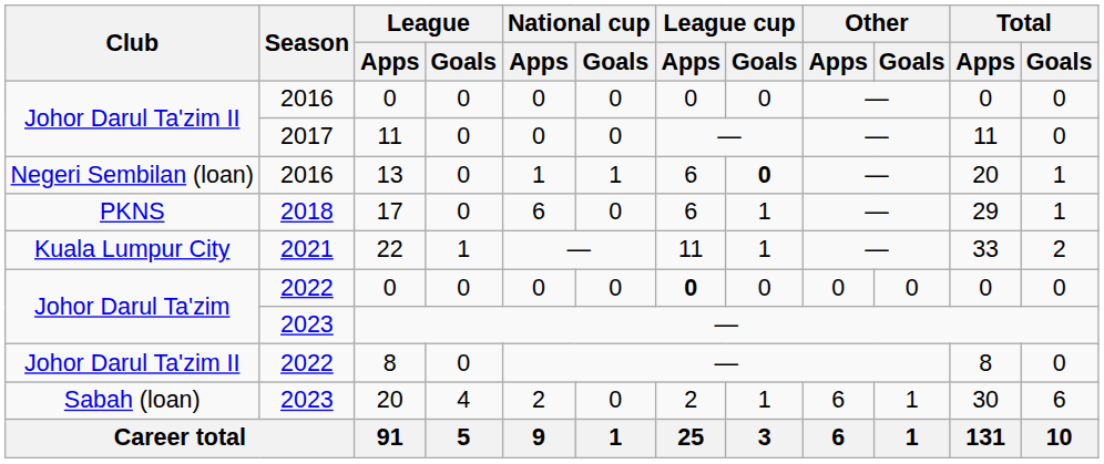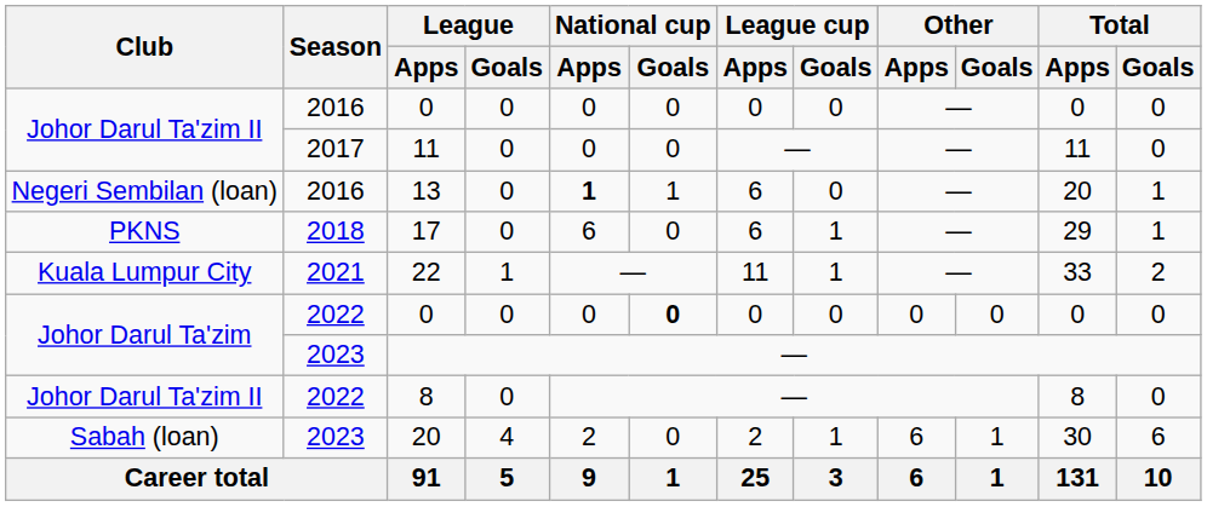 <table class=wikitable style=text-align:center>
 <tr>
 <th rowspan="2">Club</th>
 <th rowspan="2">Season</th>
 <th colspan="2">League</th>
 <th colspan="2">National cup</th>
 <th colspan="2">League cup</th>
 <th colspan="2">Other</th>
 <th colspan="2">Total</th>
 </tr>
 <tr>
 <th>Apps</th>
 <th>Goals</th>
 <th>Apps</th>
 <th>Goals</th>
 <th>Apps</th>
 <th>Goals</th>
 <th>Apps</th>
 <th>Goals</th>
 <th>Apps</th>
 <th>Goals</th>
 </tr>
 <tr>
 <td valign="center" rowspan="2"><a href='#'>Johor Darul Ta'zim II</a></td>
 <td>2016</td>
 <td>0</td>
 <td>0</td>
 <td>0</td>
 <td>0</td>
 <td>0</td>
 <td>0</td>
 <td colspan="2">—</td>
 <td>0</td>
 <td>0</td>
 </tr>
 <tr>
 <td>2017</td>
 <td>11</td>
 <td>0</td>
 <td>0</td>
 <td>0</td>
 <td colspan="2">—</td>
 <td colspan="2">—</td>
 <td>11</td>
 <td>0</td>
 </tr>
 <tr>
 <td valign="center"><a href='#'>Negeri Sembilan</a> (loan)</td>
 <td>2016</td>
 <td>13</td>
 <td>0</td>
-<td>1</td>
+<td><strong>1</strong></td>
 <td>1</td>
 <td>6</td>
-<td><strong>0</strong></td>
+<td>0</td>
 <td colspan="2">—</td>
 <td>20</td>
 <td>1</td>
 </tr>
 <tr>
 <td valign="center"><a href='#'>PKNS</a></td>
 <td><a href='#'>2018</a></td>
 <td>17</td>
 <td>0</td>
 <td>6</td>
 <td>0</td>
 <td>6</td>
 <td>1</td>
 <td colspan="2">—</td>
 <td>29</td>
 <td>1</td>
 </tr>
 <tr>
 <td valign="center"><a href='#'>Kuala Lumpur City</a></td>
 <td><a href='#'>2021</a></td>
 <td>22</td>
 <td>1</td>
 <td colspan="2">—</td>
 <td>11</td>
 <td>1</td>
 <td colspan="2">—</td>
 <td>33</td>
 <td>2</td>
 </tr>
 <tr>
 <td valign="center" rowspan="2"><a href='#'>Johor Darul Ta'zim</a></td>
 <td><a href='#'>2022</a></td>
 <td>0</td>
 <td>0</td>
 <td>0</td>
+<td><strong>0</strong></td>
 <td>0</td>
-<td><strong>0</strong></td>
 <td>0</td>
 <td>0</td>
 <td>0</td>
 <td>0</td>
 <td>0</td>
 </tr>
 <tr>
 <td><a href='#'>2023</a></td>
 <td colspan="10">—</td>
 </tr>
 <tr>
 <td valign="center"><a href='#'>Johor Darul Ta'zim II</a></td>
 <td><a href='#'>2022</a></td>
 <td>8</td>
 <td>0</td>
 <td colspan="6">—</td>
 <td>8</td>
 <td>0</td>
 </tr>
 <tr>
 <td valign="center"><a href='#'>Sabah</a> (loan)</td>
 <td><a href='#'>2023</a></td>
 <td>20</td>
 <td>4</td>
 <td>2</td>
 <td>0</td>
 <td>2</td>
 <td>1</td>
 <td>6</td>
 <td>1</td>
 <td>30</td>
 <td>6</td>
 </tr>
 <tr>
 <th colspan="2">Career total</th>
 <th>91</th>
 <th>5</th>
 <th>9</th>
 <th>1</th>
 <th>25</th>
 <th>3</th>
 <th>6</th>
 <th>1</th>
 <th>131</th>
 <th>10</th>
 </tr>
 </table>
